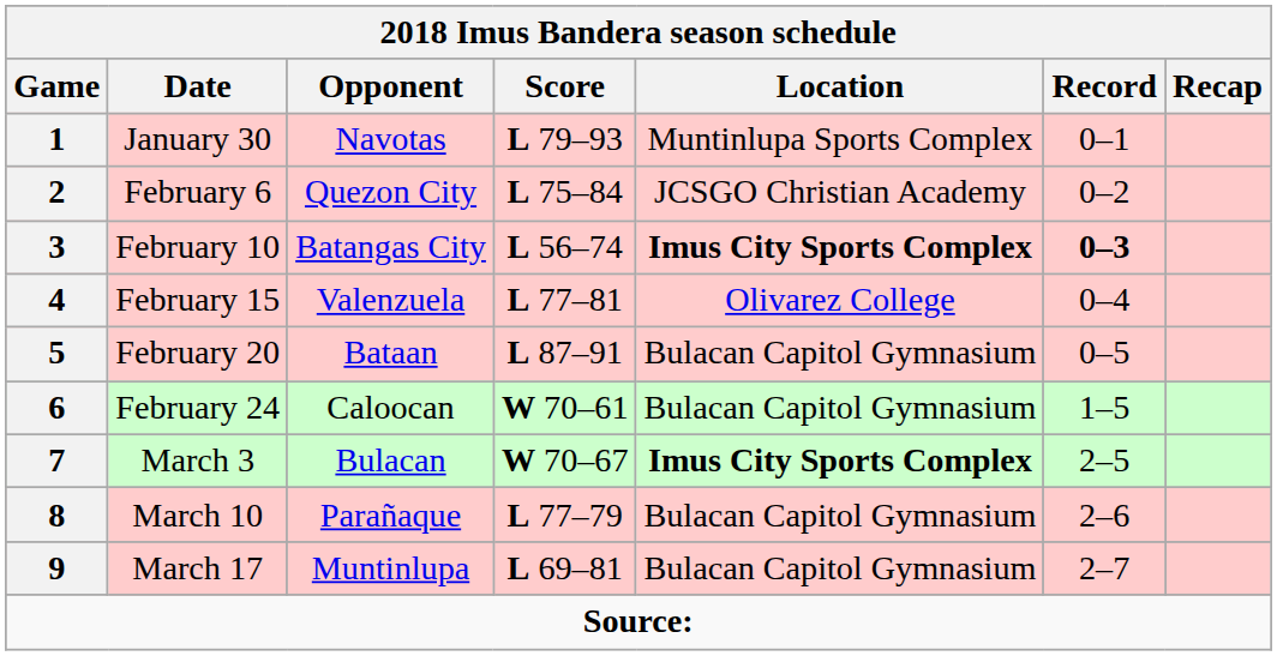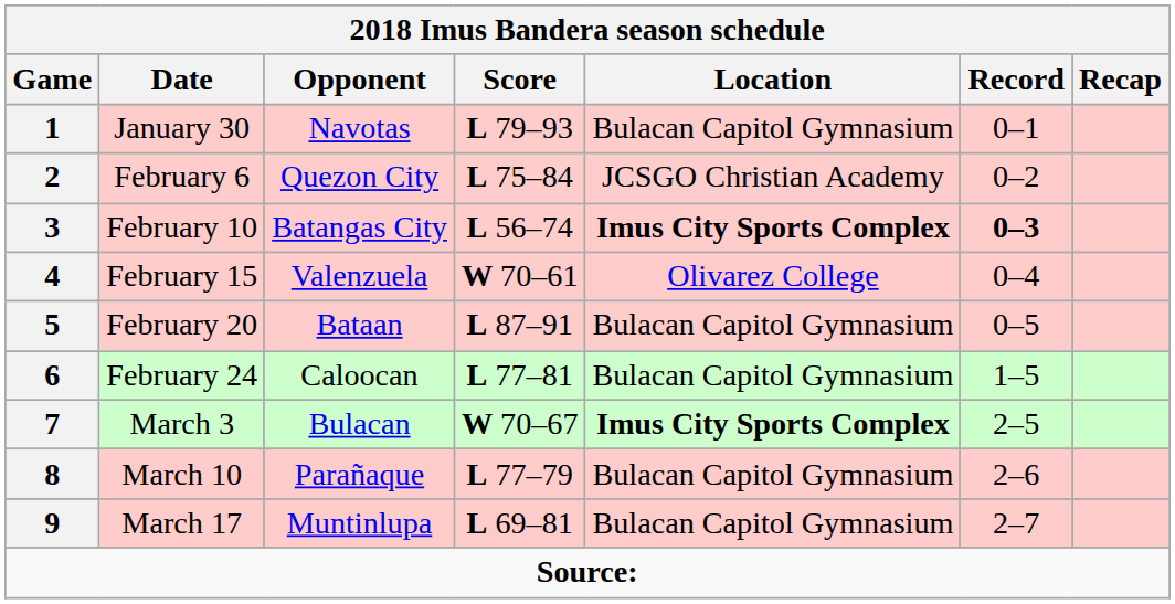 <table class="wikitable" style="text-align:center">
 <tr>
 <th colspan=7>2018 Imus Bandera season schedule</th>
 </tr>
 <tr>
 <th>Game</th>
 <th>Date</th>
 <th>Opponent</th>
 <th>Score</th>
 <th>Location</th>
 <th>Record</th>
 <th>Recap</th>
 </tr>
 <tr style="background:#fcc">
 <th>1</th>
 <td>January 30</td>
 <td><a href='#'>Navotas</a></td>
 <td><strong>L</strong> 79–93</td>
-<td>Muntinlupa Sports Complex</td>
+<td>Bulacan Capitol Gymnasium</td>
 <td>0–1</td>
 <td></td>
 </tr>
 <tr style="background:#fcc">
 <th>2</th>
 <td>February 6</td>
 <td><a href='#'>Quezon City</a></td>
 <td><strong>L</strong> 75–84</td>
 <td>JCSGO Christian Academy</td>
 <td>0–2</td>
 <td></td>
 </tr>
 <tr style="background:#fcc">
 <th>3</th>
 <td>February 10</td>
 <td><a href='#'>Batangas City</a></td>
 <td><strong>L</strong> 56–74</td>
 <td><strong>Imus City Sports Complex</strong></td>
 <td><strong>0–3</strong></td>
 <td></td>
 </tr>
 <tr style="background:#fcc">
 <th>4</th>
 <td>February 15</td>
 <td><a href='#'>Valenzuela</a></td>
-<td><strong>L</strong> 77–81</td>
+<td><strong>W</strong> 70–61</td>
 <td><a href='#'>Olivarez College</a></td>
 <td>0–4</td>
 <td></td>
 </tr>
 <tr style="background:#fcc">
 <th>5</th>
 <td>February 20</td>
 <td><a href='#'>Bataan</a></td>
 <td><strong>L</strong> 87–91</td>
 <td>Bulacan Capitol Gymnasium</td>
 <td>0–5</td>
 <td></td>
 </tr>
 <tr style="background:#cfc">
 <th>6</th>
 <td>February 24</td>
 <td>Caloocan</td>
-<td><strong>W</strong> 70–61</td>
+<td><strong>L</strong> 77–81</td>
 <td>Bulacan Capitol Gymnasium</td>
 <td>1–5</td>
 <td></td>
 </tr>
 <tr style="background:#cfc">
 <th>7</th>
 <td>March 3</td>
 <td><a href='#'>Bulacan</a></td>
 <td><strong>W</strong> 70–67</td>
 <td><strong>Imus City Sports Complex</strong></td>
 <td>2–5</td>
 <td></td>
 </tr>
 <tr style="background:#fcc">
 <th>8</th>
 <td>March 10</td>
 <td><a href='#'>Parañaque</a></td>
 <td><strong>L</strong> 77–79</td>
 <td>Bulacan Capitol Gymnasium</td>
 <td>2–6</td>
 <td></td>
 </tr>
 <tr style="background:#fcc">
 <th>9</th>
 <td>March 17</td>
 <td><a href='#'>Muntinlupa</a></td>
 <td><strong>L</strong> 69–81</td>
 <td>Bulacan Capitol Gymnasium</td>
 <td>2–7</td>
 <td></td>
 </tr>
 <tr>
 <td colspan=7 align=center><strong>Source: </strong></td>
 </tr>
 </table>
